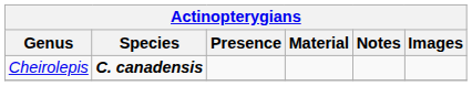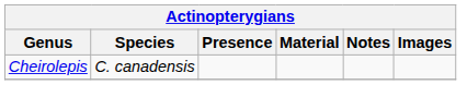 <table class="wikitable" align="center">
 <tr>
 <th colspan="6" align="center"><strong><a href='#'>Actinopterygians</a></strong></th>
 </tr>
 <tr>
 <th>Genus</th>
 <th>Species</th>
 <th>Presence</th>
 <th><strong>Material</strong></th>
 <th>Notes</th>
 <th>Images</th>
 </tr>
 <tr>
 <td><em><a href='#'>Cheirolepis</a></em></td>
-<td><strong><em>C. canadensis</em></strong></td>
+<td><em>C. canadensis</em></td>
 <td></td>
 <td></td>
 <td></td>
 <td></td>
 </tr>
 <tr>
 </tr>
 </table>
